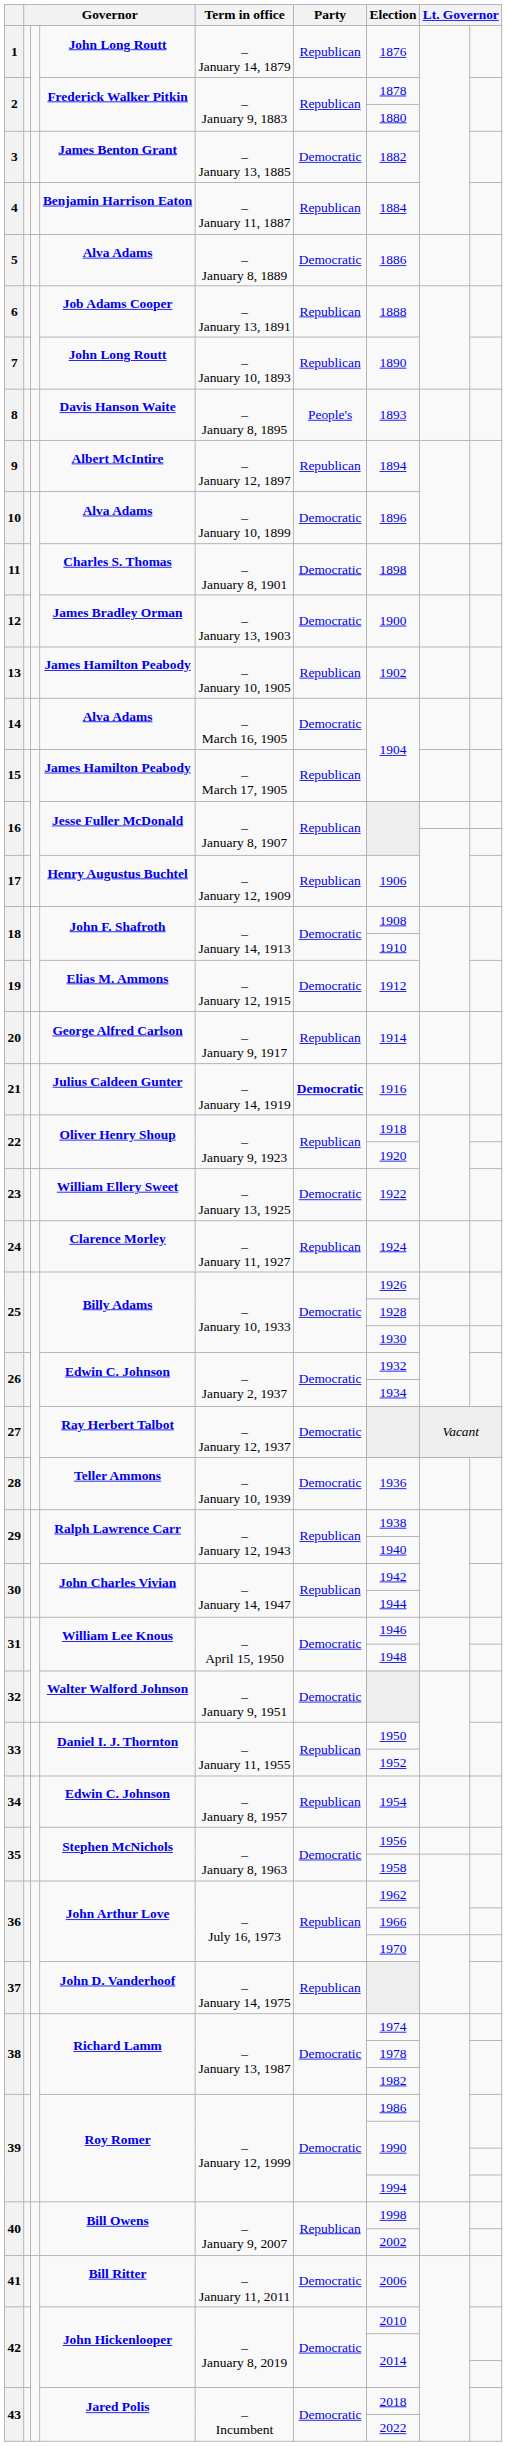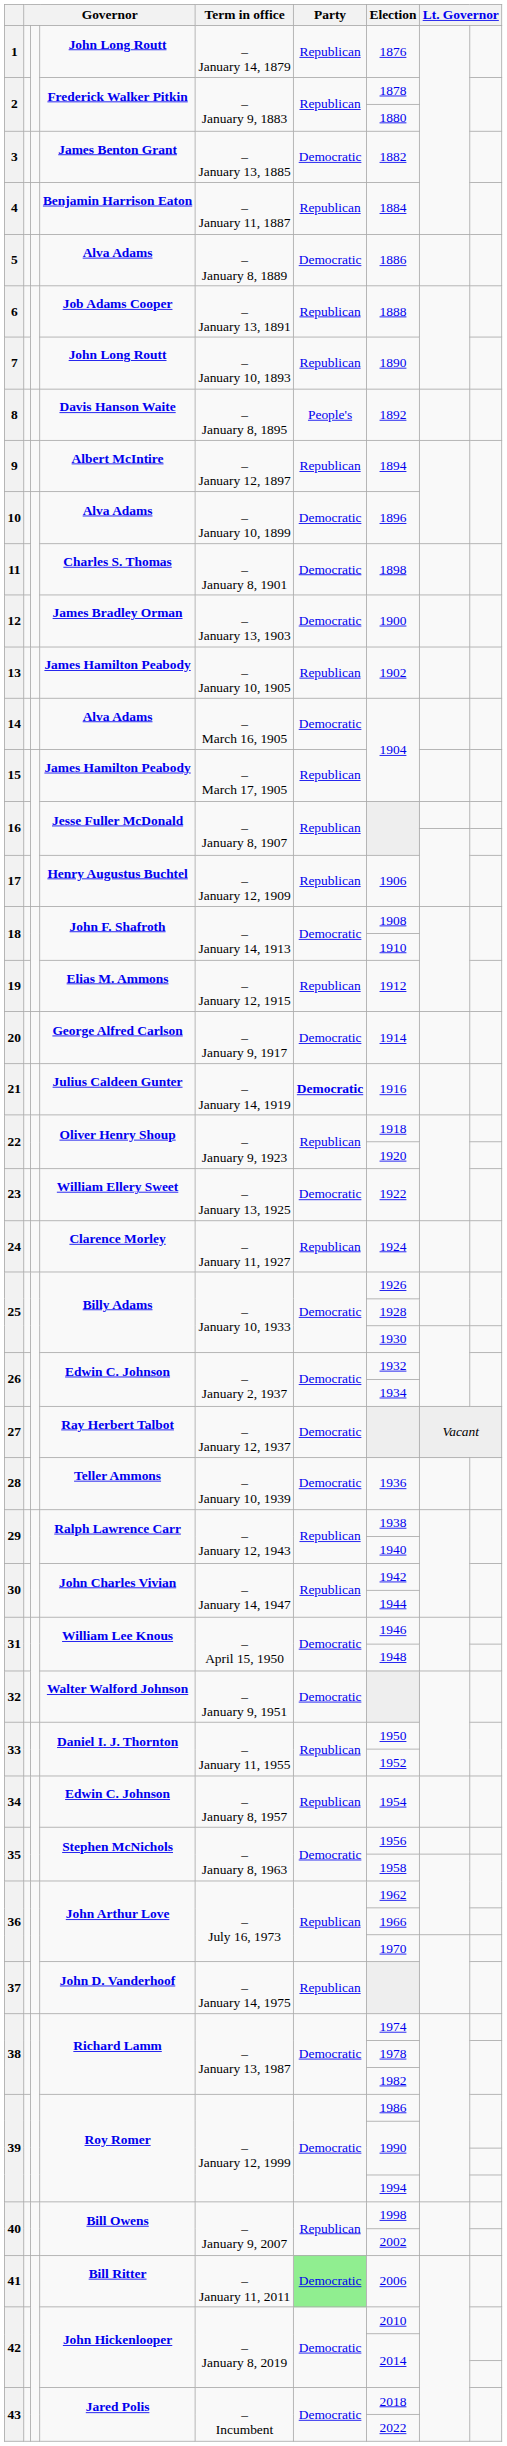 <table class="wikitable sortable mw-collapsible sticky-header-multi" style="text-align:center;">
 <tr>
 <th scope="col"></th>
 <th scope="colgroup" colspan="3">Governor</th>
 <th scope="col">Term in office</th>
 <th scope="col">Party</th>
 <th scope="col">Election</th>
 <th scope="colgroup" colspan="2"><a href='#'>Lt. Governor</a></th>
 </tr>
 <tr style="height:2em;">
 <th scope="row">1</th>
 <td data-sort-value="Routt, John"></td>
 <td rowspan="3" style="background:"> </td>
 <td><strong><a href='#'>John Long Routt</a></strong><br><br></td>
 <td><br>–<br>January 14, 1879<br></td>
 <td><a href='#'>Republican</a></td>
 <td><a href='#'>1876</a></td>
 <td rowspan="5" style="background:"> </td>
 <td></td>
 </tr>
 <tr style="height:2em;">
 <th rowspan="2" scope="rowgroup">2</th>
 <td rowspan="2" data-sort-value="Pitkin, Frederick"></td>
 <td rowspan="2"><strong><a href='#'>Frederick Walker Pitkin</a></strong><br><br></td>
 <td rowspan="2"><br>–<br>January 9, 1883<br></td>
 <td rowspan="2"><a href='#'>Republican</a></td>
 <td><a href='#'>1878</a></td>
 <td rowspan="2"></td>
 </tr>
 <tr style="height:2em;">
 <td><a href='#'>1880</a></td>
 </tr>
 <tr style="height:2em;">
 <th scope="row">3</th>
 <td data-sort-value="Grant, James"></td>
 <td style="color:inherit;background:"></td>
 <td><strong><a href='#'>James Benton Grant</a></strong><br><br></td>
 <td><br>–<br>January 13, 1885<br></td>
 <td><a href='#'>Democratic</a></td>
 <td><a href='#'>1882</a></td>
 <td></td>
 </tr>
 <tr style="height:2em;">
 <th scope="row">4</th>
 <td data-sort-value="Eaton, Benjamin"></td>
 <td style="color:inherit;background:"></td>
 <td><strong><a href='#'>Benjamin Harrison Eaton</a></strong><br><br></td>
 <td><br>–<br>January 11, 1887<br></td>
 <td><a href='#'>Republican</a></td>
 <td><a href='#'>1884</a></td>
 <td></td>
 </tr>
 <tr style="height:2em;">
 <th scope="row">5</th>
 <td data-sort-value="Adams, Alva"></td>
 <td style="color:inherit;background:"></td>
 <td><strong><a href='#'>Alva Adams</a></strong><br><br></td>
 <td><br>–<br>January 8, 1889<br></td>
 <td><a href='#'>Democratic</a></td>
 <td><a href='#'>1886</a></td>
 <td style="color:inherit;background:"></td>
 <td></td>
 </tr>
 <tr style="height:2em;">
 <th scope="row">6</th>
 <td data-sort-value="Cooper, Job"></td>
 <td rowspan="2" style="color:inherit;background:"></td>
 <td><strong><a href='#'>Job Adams Cooper</a></strong><br><br></td>
 <td><br>–<br>January 13, 1891<br></td>
 <td><a href='#'>Republican</a></td>
 <td><a href='#'>1888</a></td>
 <td rowspan="2" style="color:inherit;background:"></td>
 <td></td>
 </tr>
 <tr style="height:2em;">
 <th scope="row">7</th>
 <td data-sort-value="Routt, John"></td>
 <td><strong><a href='#'>John Long Routt</a></strong><br><br></td>
 <td><br>–<br>January 10, 1893<br></td>
 <td><a href='#'>Republican</a></td>
 <td><a href='#'>1890</a></td>
 <td></td>
 </tr>
 <tr style="height:2em;">
 <th scope="row">8</th>
 <td data-sort-value="Waite, Davis"></td>
 <td style="color:inherit;background:"></td>
 <td><strong><a href='#'>Davis Hanson Waite</a></strong><br><br></td>
 <td><br>–<br>January 8, 1895<br></td>
 <td><a href='#'>People's</a></td>
-<td><a href='#'>1893</a></td>
+<td><a href='#'>1892</a></td>
 <td style="color:inherit;background:"></td>
 <td></td>
 </tr>
 <tr style="height:2em;">
 <th scope="row">9</th>
 <td data-sort-value="McIntire, Albert"></td>
 <td style="color:inherit;background:"></td>
 <td><strong><a href='#'>Albert McIntire</a></strong><br><br></td>
 <td><br>–<br>January 12, 1897<br></td>
 <td><a href='#'>Republican</a></td>
 <td><a href='#'>1894</a></td>
 <td rowspan="2" style="color:inherit;background:"></td>
 <td rowspan="2"></td>
 </tr>
 <tr style="height:2em;">
 <th scope="row">10</th>
 <td data-sort-value="Adams, Alva"></td>
 <td rowspan="3" style="color:inherit;background:"></td>
 <td><strong><a href='#'>Alva Adams</a></strong><br><br></td>
 <td><br>–<br>January 10, 1899<br></td>
 <td><a href='#'>Democratic</a></td>
 <td><a href='#'>1896</a></td>
 </tr>
 <tr style="height:2em;">
 <th scope="row">11</th>
 <td data-sort-value="Thomas, Charles"></td>
 <td><strong><a href='#'>Charles S. Thomas</a></strong><br><br></td>
 <td><br>–<br>January 8, 1901<br></td>
 <td><a href='#'>Democratic</a></td>
 <td><a href='#'>1898</a></td>
 <td style="color:inherit;background:"></td>
 <td></td>
 </tr>
 <tr style="height:2em;">
 <th scope="row">12</th>
 <td data-sort-value="Orman, James"></td>
 <td><strong><a href='#'>James Bradley Orman</a></strong><br><br></td>
 <td><br>–<br>January 13, 1903<br></td>
 <td><a href='#'>Democratic</a></td>
 <td><a href='#'>1900</a></td>
 <td style="color:inherit;background:"></td>
 <td></td>
 </tr>
 <tr style="height:2em;">
 <th scope="row">13</th>
 <td data-sort-value="Peabody, James"></td>
 <td style="color:inherit;background:"></td>
 <td><strong><a href='#'>James Hamilton Peabody</a></strong><br><br></td>
 <td><br>–<br>January 10, 1905<br></td>
 <td><a href='#'>Republican</a></td>
 <td><a href='#'>1902</a></td>
 <td style="color:inherit;background:"></td>
 <td></td>
 </tr>
 <tr style="height:2em;">
 <th scope="row">14</th>
 <td data-sort-value="Adams, Alva"></td>
 <td style="color:inherit;background:"></td>
 <td><strong><a href='#'>Alva Adams</a></strong><br><br></td>
 <td><br>–<br>March 16, 1905<br></td>
 <td><a href='#'>Democratic</a></td>
 <td rowspan="2"><a href='#'>1904</a></td>
 <td style="color:inherit;background:"></td>
 <td></td>
 </tr>
 <tr style="height:2em;">
 <th scope="row">15</th>
 <td data-sort-value="Peabody, James"></td>
 <td rowspan="4" style="color:inherit;background:"></td>
 <td><strong><a href='#'>James Hamilton Peabody</a></strong><br><br></td>
 <td><br>–<br>March 17, 1905<br></td>
 <td><a href='#'>Republican</a></td>
 <td style="color:inherit;background:"></td>
 <td></td>
 </tr>
 <tr style="height:2em;">
 <th rowspan="2" scope="rowgroup">16</th>
 <td rowspan="2" data-sort-value="McDonald, Jesse"></td>
 <td rowspan="2"><strong><a href='#'>Jesse Fuller McDonald</a></strong><br><br></td>
 <td rowspan="2"><br>–<br>January 8, 1907<br></td>
 <td rowspan="2"><a href='#'>Republican</a></td>
 <td rowspan="2" style="background:#EEEEEE;"></td>
 <td style="color:inherit;background:"></td>
 <td><br></td>
 </tr>
 <tr style="height:2em;">
 <td rowspan="2" style="color:inherit;background:"></td>
 <td></td>
 </tr>
 <tr style="height:2em;">
 <th scope="row">17</th>
 <td data-sort-value="Buchtel, Henry"></td>
 <td><strong><a href='#'>Henry Augustus Buchtel</a></strong><br><br></td>
 <td><br>–<br>January 12, 1909<br></td>
 <td><a href='#'>Republican</a></td>
 <td><a href='#'>1906</a></td>
 <td></td>
 </tr>
 <tr style="height:2em;">
 <th rowspan="2" scope="rowgroup">18</th>
 <td rowspan="2" data-sort-value="Shafroth, John"></td>
 <td rowspan="3" style="color:inherit;background:"></td>
 <td rowspan="2"><strong><a href='#'>John F. Shafroth</a></strong><br><br></td>
 <td rowspan="2"><br>–<br>January 14, 1913<br></td>
 <td rowspan="2"><a href='#'>Democratic</a></td>
 <td><a href='#'>1908</a></td>
 <td rowspan="3" style="color:inherit;background:"></td>
 <td rowspan="2"></td>
 </tr>
 <tr style="height:2em;">
 <td><a href='#'>1910</a></td>
 </tr>
 <tr style="height:2em;">
 <th scope="row">19</th>
 <td data-sort-value="Ammons, Elias"></td>
 <td><strong><a href='#'>Elias M. Ammons</a></strong><br><br></td>
 <td><br>–<br>January 12, 1915<br></td>
-<td><a href='#'>Democratic</a></td>
+<td><a href='#'>Republican</a></td>
 <td><a href='#'>1912</a></td>
 <td></td>
 </tr>
 <tr style="height:2em;">
 <th scope="row">20</th>
 <td data-sort-value="Carlson, George"></td>
 <td style="color:inherit;background:"></td>
 <td><strong><a href='#'>George Alfred Carlson</a></strong><br><br></td>
 <td><br>–<br>January 9, 1917<br></td>
-<td><a href='#'>Republican</a></td>
+<td><a href='#'>Democratic</a></td>
 <td><a href='#'>1914</a></td>
 <td style="color:inherit;background:"></td>
 <td></td>
 </tr>
 <tr style="height:2em;">
 <th scope="row">21</th>
 <td data-sort-value="Gunter, Julius"></td>
 <td style="color:inherit;background:"></td>
 <td><strong><a href='#'>Julius Caldeen Gunter</a></strong><br><br></td>
 <td><br>–<br>January 14, 1919<br></td>
 <td><strong><a href='#'>Democratic</a></strong></td>
 <td><a href='#'>1916</a></td>
 <td style="color:inherit;background:"></td>
 <td></td>
 </tr>
 <tr style="height:2em;">
 <th rowspan="2" scope="rowgroup">22</th>
 <td rowspan="2" data-sort-value="Shoup, Oliver"></td>
 <td rowspan="2" style="color:inherit;background:"></td>
 <td rowspan="2"><strong><a href='#'>Oliver Henry Shoup</a></strong><br><br></td>
 <td rowspan="2"><br>–<br>January 9, 1923<br></td>
 <td rowspan="2"><a href='#'>Republican</a></td>
 <td><a href='#'>1918</a></td>
 <td rowspan="3" style="color:inherit;background:"></td>
 <td></td>
 </tr>
 <tr style="height:2em;">
 <td><a href='#'>1920</a></td>
 <td></td>
 </tr>
 <tr style="height:2em;">
 <th scope="row">23</th>
 <td data-sort-value="Sweet, William"></td>
 <td style="color:inherit;background:"></td>
 <td><strong><a href='#'>William Ellery Sweet</a></strong><br><br></td>
 <td><br>–<br>January 13, 1925<br></td>
 <td><a href='#'>Democratic</a></td>
 <td><a href='#'>1922</a></td>
 <td></td>
 </tr>
 <tr style="height:2em;">
 <th scope="row">24</th>
 <td data-sort-value="Morley, Clarence"></td>
 <td style="color:inherit;background:"></td>
 <td><strong><a href='#'>Clarence Morley</a></strong><br><br></td>
 <td><br>–<br>January 11, 1927<br></td>
 <td><a href='#'>Republican</a></td>
 <td><a href='#'>1924</a></td>
 <td style="color:inherit;background:"></td>
 <td></td>
 </tr>
 <tr style="height:2em;">
 <th rowspan="3" scope="rowgroup">25</th>
 <td rowspan="3" data-sort-value="Adams, Billy"></td>
 <td rowspan="7" style="color:inherit;background:"></td>
 <td rowspan="3"><strong><a href='#'>Billy Adams</a></strong><br><br></td>
 <td rowspan="3"><br>–<br>January 10, 1933<br></td>
 <td rowspan="3"><a href='#'>Democratic</a></td>
 <td><a href='#'>1926</a></td>
 <td rowspan="2" style="color:inherit;background:"></td>
 <td rowspan="2"></td>
 </tr>
 <tr style="height:2em;">
 <td><a href='#'>1928</a></td>
 </tr>
 <tr style="height:2em;">
 <td><a href='#'>1930</a></td>
 <td rowspan="3" style="color:inherit;background:"></td>
 <td></td>
 </tr>
 <tr style="height:2em;">
 <th rowspan="2" scope="rowgroup">26</th>
 <td rowspan="2" data-sort-value="Johnson, Edwin"></td>
 <td rowspan="2"><strong><a href='#'>Edwin C. Johnson</a></strong><br><br></td>
 <td rowspan="2"><br>–<br>January 2, 1937<br></td>
 <td rowspan="2"><a href='#'>Democratic</a></td>
 <td><a href='#'>1932</a></td>
 <td rowspan="2"></td>
 </tr>
 <tr style="height:2em;">
 <td><a href='#'>1934</a></td>
 </tr>
 <tr style="height:2em;">
 <th scope="row">27</th>
 <td data-sort-value="Talbot, Ray"></td>
 <td><strong><a href='#'>Ray Herbert Talbot</a></strong><br><br></td>
 <td><br>–<br>January 12, 1937<br></td>
 <td><a href='#'>Democratic</a></td>
 <td style="background:#EEEEEE;"></td>
 <td colspan="2" style="background:#EEEEEE;"><em>Vacant</em></td>
 </tr>
 <tr style="height:2em;">
 <th scope="row">28</th>
 <td data-sort-value="Ammons, Teller"></td>
 <td><strong><a href='#'>Teller Ammons</a></strong><br><br></td>
 <td><br>–<br>January 10, 1939<br></td>
 <td><a href='#'>Democratic</a></td>
 <td><a href='#'>1936</a></td>
 <td style="color:inherit;background:"></td>
 <td></td>
 </tr>
 <tr style="height:2em;">
 <th rowspan="2" scope="rowgroup">29</th>
 <td rowspan="2" data-sort-value="Carr, Ralph"></td>
 <td rowspan="4" style="color:inherit;background:"></td>
 <td rowspan="2"><strong><a href='#'>Ralph Lawrence Carr</a></strong><br><br></td>
 <td rowspan="2"><br>–<br>January 12, 1943<br></td>
 <td rowspan="2"><a href='#'>Republican</a></td>
 <td><a href='#'>1938</a></td>
 <td rowspan="4" style="color:inherit;background:"></td>
 <td rowspan="2"></td>
 </tr>
 <tr style="height:2em;">
 <td><a href='#'>1940</a></td>
 </tr>
 <tr style="height:2em;">
 <th rowspan="2" scope="rowgroup">30</th>
 <td rowspan="2" data-sort-value="Vivian, Charles"></td>
 <td rowspan="2"><strong><a href='#'>John Charles Vivian</a></strong><br><br></td>
 <td rowspan="2"><br>–<br>January 14, 1947<br></td>
 <td rowspan="2"><a href='#'>Republican</a></td>
 <td><a href='#'>1942</a></td>
 <td rowspan="2"></td>
 </tr>
 <tr style="height:2em;">
 <td><a href='#'>1944</a></td>
 </tr>
 <tr style="height:2em;">
 <th rowspan="2" scope="rowgroup">31</th>
 <td rowspan="2" data-sort-value="Knous, William"></td>
 <td rowspan="3" style="color:inherit;background:"></td>
 <td rowspan="2"><strong><a href='#'>William Lee Knous</a></strong><br><br></td>
 <td rowspan="2"><br>–<br>April 15, 1950<br></td>
 <td rowspan="2"><a href='#'>Democratic</a></td>
 <td><a href='#'>1946</a></td>
 <td rowspan="2" style="color:inherit;background:"></td>
 <td></td>
 </tr>
 <tr style="height:2em;">
 <td><a href='#'>1948</a></td>
 <td></td>
 </tr>
 <tr style="height:2em;">
 <th scope="row">32</th>
 <td data-sort-value="Johnson, Walter"></td>
 <td><strong><a href='#'>Walter Walford Johnson</a></strong><br><br></td>
 <td><br>–<br>January 9, 1951<br></td>
 <td><a href='#'>Democratic</a></td>
 <td style="background:#EEEEEE;"></td>
 <td rowspan="3" style="color:inherit;background:"></td>
 <td></td>
 </tr>
 <tr style="height:2em;">
 <th rowspan="2" scope="rowgroup">33</th>
 <td rowspan="2" data-sort-value="Thornton, Daniel"></td>
 <td rowspan="2" style="color:inherit;background:"></td>
 <td rowspan="2"><strong><a href='#'>Daniel I. J. Thornton</a></strong><br><br></td>
 <td rowspan="2"><br>–<br>January 11, 1955<br></td>
 <td rowspan="2"><a href='#'>Republican</a></td>
 <td><a href='#'>1950</a></td>
 <td rowspan="2"></td>
 </tr>
 <tr style="height:2em;">
 <td><a href='#'>1952</a></td>
 </tr>
 <tr style="height:2em;">
 <th scope="row">34</th>
 <td data-sort-value="Johnson, Edwin"></td>
 <td rowspan="3" style="color:inherit;background:"></td>
 <td><strong><a href='#'>Edwin C. Johnson</a></strong><br><br></td>
 <td><br>–<br>January 8, 1957<br></td>
 <td><a href='#'>Republican</a></td>
 <td><a href='#'>1954</a></td>
 <td style="color:inherit;background:"></td>
 <td></td>
 </tr>
 <tr style="height:2em;">
 <th rowspan="2" scope="rowgroup">35</th>
 <td rowspan="2" data-sort-value="McNichols, Stephen"></td>
 <td rowspan="2"><strong><a href='#'>Stephen McNichols</a></strong><br><br></td>
 <td rowspan="2"><br>–<br>January 8, 1963<br></td>
 <td rowspan="2"><a href='#'>Democratic</a></td>
 <td><a href='#'>1956</a></td>
 <td style="color:inherit;background:"></td>
 <td></td>
 </tr>
 <tr style="height:2em;">
 <td><a href='#'>1958</a></td>
 <td rowspan="3" style="color:inherit;background:"></td>
 <td rowspan="2"></td>
 </tr>
 <tr style="height:2em;">
 <th rowspan="3" scope="rowgroup">36</th>
 <td rowspan="3" data-sort-value="Love, John"></td>
 <td rowspan="4" style="color:inherit;background:"></td>
 <td rowspan="3"><strong><a href='#'>John Arthur Love</a></strong><br><br></td>
 <td rowspan="3"><br>–<br>July 16, 1973<br></td>
 <td rowspan="3"><a href='#'>Republican</a></td>
 <td><a href='#'>1962</a></td>
 </tr>
 <tr style="height:2em;">
 <td><a href='#'>1966</a></td>
 <td></td>
 </tr>
 <tr style="height:2em;">
 <td><a href='#'>1970</a></td>
 <td rowspan="2" style="color:inherit;background:"></td>
 <td></td>
 </tr>
 <tr style="height:2em;">
 <th scope="row">37</th>
 <td data-sort-value="Vanderhoof, John"></td>
 <td><strong><a href='#'>John D. Vanderhoof</a></strong><br><br></td>
 <td><br>–<br>January 14, 1975<br></td>
 <td><a href='#'>Republican</a></td>
 <td style="background:#EEEEEE;"></td>
 <td></td>
 </tr>
 <tr style="height:2em;">
 <th rowspan="3" scope="rowgroup">38</th>
 <td rowspan="3" data-sort-value="Lamm, Richard"></td>
 <td rowspan="7" style="color:inherit;background:"></td>
 <td rowspan="3"><strong><a href='#'>Richard Lamm</a></strong><br><br></td>
 <td rowspan="3"><br>–<br>January 13, 1987<br></td>
 <td rowspan="3"><a href='#'>Democratic</a></td>
 <td><a href='#'>1974</a></td>
 <td rowspan="7" style="color:inherit;background:"></td>
 <td></td>
 </tr>
 <tr style="height:2em;">
 <td><a href='#'>1978</a></td>
 <td rowspan="2"></td>
 </tr>
 <tr style="height:2em;">
 <td><a href='#'>1982</a></td>
 </tr>
 <tr style="height:2em;">
 <th rowspan="4" scope="rowgroup">39</th>
 <td rowspan="4" data-sort-value="Romer, Roy"></td>
 <td rowspan="4"><strong><a href='#'>Roy Romer</a></strong><br><br></td>
 <td rowspan="4"><br>–<br>January 12, 1999<br></td>
 <td rowspan="4"><a href='#'>Democratic</a></td>
 <td><a href='#'>1986</a></td>
 <td rowspan="2"><br></td>
 </tr>
 <tr style="height:2em;">
 <td rowspan="2"><a href='#'>1990</a></td>
 </tr>
 <tr style="height:2em;">
 <td></td>
 </tr>
 <tr style="height:2em;">
 <td><a href='#'>1994</a></td>
 <td></td>
 </tr>
 <tr style="height:2em;">
 <th rowspan="2" scope="rowgroup">40</th>
 <td rowspan="2" data-sort-value="Owens, Bill"></td>
 <td rowspan="2" style="color:inherit;background:"></td>
 <td rowspan="2"><strong><a href='#'>Bill Owens</a></strong><br><br></td>
 <td rowspan="2"><br>–<br>January 9, 2007<br></td>
 <td rowspan="2"><a href='#'>Republican</a></td>
 <td><a href='#'>1998</a></td>
 <td rowspan="2" style="color:inherit;background:"></td>
 <td></td>
 </tr>
 <tr style="height:2em;">
 <td><a href='#'>2002</a></td>
 <td></td>
 </tr>
 <tr style="height:2em;">
 <th scope="row">41</th>
 <td data-sort-value="Ritter, Bill"></td>
 <td rowspan="6" style="color:inherit;background:"></td>
 <td><strong><a href='#'>Bill Ritter</a></strong><br><br></td>
 <td><br>–<br>January 11, 2011<br></td>
-<td><a href='#'>Democratic</a></td>
+<td style="background: lightgreen;"><a href='#'>Democratic</a></td>
 <td><a href='#'>2006</a></td>
 <td rowspan="6" style="color:inherit;background:"></td>
 <td></td>
 </tr>
 <tr style="height:2em;">
 <th rowspan="3" scope="rowgroup">42</th>
 <td rowspan="3" data-sort-value="Hickenlooper, John"></td>
 <td rowspan="3"><strong><a href='#'>John Hickenlooper</a></strong><br><br></td>
 <td rowspan="3"><br>–<br>January 8, 2019<br></td>
 <td rowspan="3"><a href='#'>Democratic</a></td>
 <td><a href='#'>2010</a></td>
 <td rowspan="2"><br></td>
 </tr>
 <tr style="height:2em;">
 <td rowspan="2"><a href='#'>2014</a></td>
 </tr>
 <tr style="height:2em;">
 <td></td>
 </tr>
 <tr style="height:2em;">
 <th rowspan="2" scope="rowgroup">43</th>
 <td rowspan="2" data-sort-value="Polis, Jared"></td>
 <td rowspan="2"><strong><a href='#'>Jared Polis</a></strong><br><br></td>
 <td rowspan="2"><br>–<br>Incumbent</td>
 <td rowspan="2"><a href='#'>Democratic</a></td>
 <td><a href='#'>2018</a></td>
 <td rowspan="2"></td>
 </tr>
 <tr style="height:2em;">
 <td><a href='#'>2022</a></td>
 </tr>
 </table>
